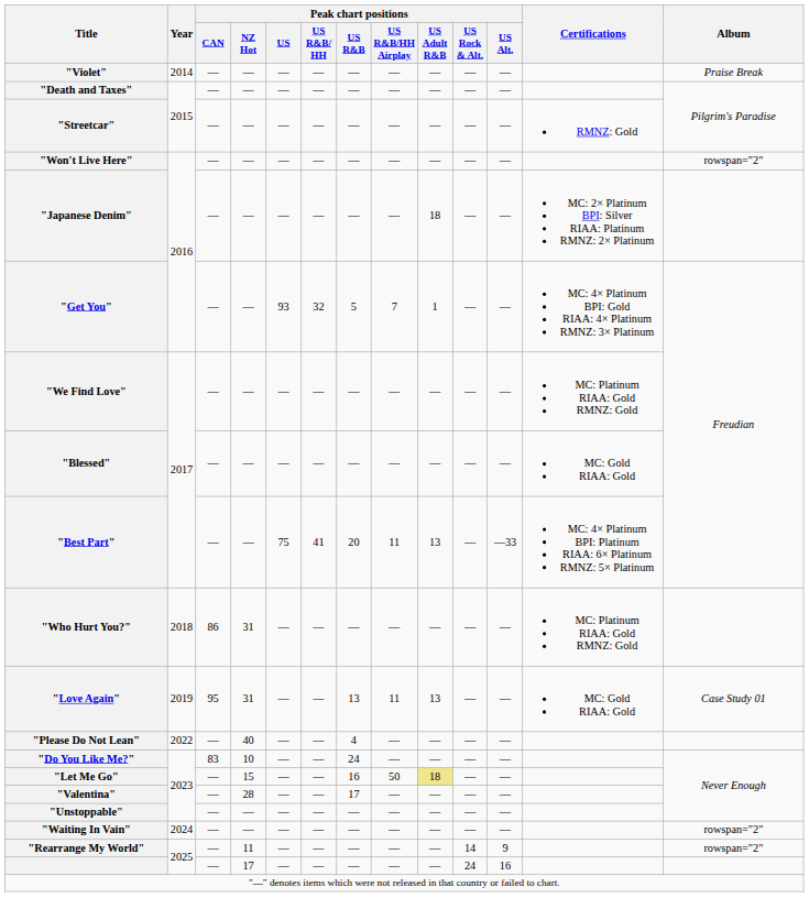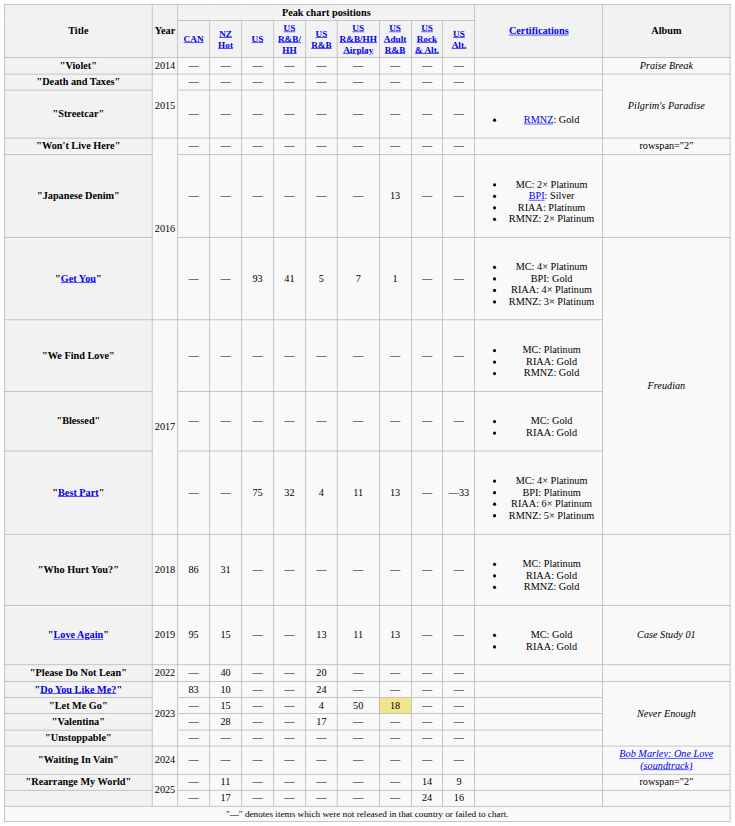 <table class="wikitable plainrowheaders" style="text-align:center;">
 <tr>
 <th scope="col" rowspan="2" style="width:14em;">Title</th>
 <th scope="col" rowspan="2" style="width:1em;">Year</th>
 <th scope="col" colspan="9">Peak chart positions</th>
 <th scope="col" rowspan="2" style="width:12em;"><a href='#'>Certifications</a></th>
 <th scope="col" rowspan="2" style="width:12em;">Album</th>
 </tr>
 <tr>
 <th scope="col" style="width:3em;font-size:90%;"><a href='#'>CAN</a><br></th>
 <th scope="col" style="width:3em;font-size:90%;"><a href='#'>NZ<br>Hot</a><br></th>
 <th scope="col" style="width:3em;font-size:90%;"><a href='#'>US</a><br></th>
 <th scope="col" style="width:3em;font-size:90%;"><a href='#'>US<br>R&B/<br>HH</a><br></th>
 <th scope="col" style="width:3em;font-size:90%;"><a href='#'>US<br>R&B</a><br></th>
 <th scope="col" style="width:3em;font-size:90%;"><a href='#'>US<br>R&B/HH<br>Airplay</a><br></th>
 <th scope="col" style="width:3em;font-size:90%;"><a href='#'>US<br>Adult<br>R&B</a><br></th>
 <th scope="col" style="width:3em;font-size:90%;"><a href='#'>US<br>Rock<br>& Alt.</a><br></th>
 <th scope="col" style="width:3em;font-size:90%;"><a href='#'>US<br>Alt.</a><br></th>
 </tr>
 <tr>
 <th scope="row">"Violet"</th>
 <td>2014</td>
 <td>—</td>
 <td>—</td>
 <td>—</td>
 <td>—</td>
 <td>—</td>
 <td>—</td>
 <td>—</td>
 <td>—</td>
 <td>—</td>
 <td></td>
 <td><em>Praise Break</em></td>
 </tr>
 <tr>
 <th scope="row">"Death and Taxes"</th>
 <td rowspan="2">2015</td>
 <td>—</td>
 <td>—</td>
 <td>—</td>
 <td>—</td>
 <td>—</td>
 <td>—</td>
 <td>—</td>
 <td>—</td>
 <td>—</td>
 <td></td>
 <td rowspan="2"><em>Pilgrim's Paradise</em></td>
 </tr>
 <tr>
 <th scope="row">"Streetcar"</th>
 <td>—</td>
 <td>—</td>
 <td>—</td>
 <td>—</td>
 <td>—</td>
 <td>—</td>
 <td>—</td>
 <td>—</td>
 <td>—</td>
 <td><br><ul><li><a href='#'>RMNZ</a>: Gold</li></ul></td>
 </tr>
 <tr>
 <th scope="row">"Won't Live Here"</th>
 <td rowspan="3">2016</td>
 <td>—</td>
 <td>—</td>
 <td>—</td>
 <td>—</td>
 <td>—</td>
 <td>—</td>
 <td>—</td>
 <td>—</td>
 <td>—</td>
 <td></td>
 <td>rowspan="2" </td>
 </tr>
 <tr>
 <th scope="row">"Japanese Denim"</th>
 <td>—</td>
 <td>—</td>
 <td>—</td>
 <td>—</td>
 <td>—</td>
 <td>—</td>
-<td>18</td>
+<td>13</td>
 <td>—</td>
 <td>—</td>
 <td><br><ul><li>MC: 2× Platinum</li><li><a href='#'>BPI</a>: Silver</li><li>RIAA: Platinum</li><li>RMNZ: 2× Platinum</li></ul></td>
 </tr>
 <tr>
 <th scope="row">"<a href='#'>Get You</a>"<br></th>
 <td>—</td>
 <td>—</td>
 <td>93</td>
-<td>32</td>
+<td>41</td>
 <td>5</td>
 <td>7</td>
 <td>1</td>
 <td>—</td>
 <td>—</td>
 <td><br><ul><li>MC: 4× Platinum</li><li>BPI: Gold</li><li>RIAA: 4× Platinum</li><li>RMNZ: 3× Platinum</li></ul></td>
 <td rowspan="4"><em>Freudian</em></td>
 </tr>
 <tr>
 <th scope="row">"We Find Love"</th>
 <td rowspan="3">2017</td>
 <td>—</td>
 <td>—</td>
 <td>—</td>
 <td>—</td>
 <td>—</td>
 <td>—</td>
 <td>—</td>
 <td>—</td>
 <td>—</td>
 <td><br><ul><li>MC: Platinum</li><li>RIAA: Gold</li><li>RMNZ: Gold</li></ul></td>
 </tr>
 <tr>
 <th scope="row">"Blessed"</th>
 <td>—</td>
 <td>—</td>
 <td>—</td>
 <td>—</td>
 <td>—</td>
 <td>—</td>
 <td>—</td>
 <td>—</td>
 <td>—</td>
 <td><br><ul><li>MC: Gold</li><li>RIAA: Gold</li></ul></td>
 </tr>
 <tr>
 <th scope="row">"<a href='#'>Best Part</a>"<br></th>
 <td>—</td>
 <td>—</td>
 <td>75</td>
-<td>41</td>
-<td>20</td>
+<td>32</td>
+<td>4</td>
 <td>11</td>
 <td>13</td>
 <td>—</td>
 <td>—33</td>
 <td><br><ul><li>MC: 4× Platinum</li><li>BPI: Platinum</li><li>RIAA: 6× Platinum</li><li>RMNZ: 5× Platinum</li></ul></td>
 </tr>
 <tr>
 <th scope="row">"Who Hurt You?"</th>
 <td>2018</td>
 <td>86</td>
 <td>31</td>
 <td>—</td>
 <td>—</td>
 <td>—</td>
 <td>—</td>
 <td>—</td>
 <td>—</td>
 <td>—</td>
 <td><br><ul><li>MC: Platinum</li><li>RIAA: Gold</li><li>RMNZ: Gold</li></ul></td>
 <td></td>
 </tr>
 <tr>
 <th scope="row">"<a href='#'>Love Again</a>"<br></th>
 <td>2019</td>
 <td>95</td>
-<td>31</td>
+<td>15</td>
 <td>—</td>
 <td>—</td>
 <td>13</td>
 <td>11</td>
 <td>13</td>
 <td>—</td>
 <td>—</td>
 <td><br><ul><li>MC: Gold</li><li>RIAA: Gold</li></ul></td>
 <td><em>Case Study 01</em></td>
 </tr>
 <tr>
 <th scope="row">"Please Do Not Lean"<br></th>
 <td>2022</td>
 <td>—</td>
 <td>40</td>
 <td>—</td>
 <td>—</td>
-<td>4</td>
+<td>20</td>
 <td>—</td>
 <td>—</td>
 <td>—</td>
 <td>—</td>
 <td></td>
 <td></td>
 </tr>
 <tr>
 <th scope="row">"<a href='#'>Do You Like Me?</a>"</th>
 <td rowspan="4">2023</td>
 <td>83</td>
 <td>10</td>
 <td>—</td>
 <td>—</td>
 <td>24</td>
 <td>—</td>
 <td>—</td>
 <td>—</td>
 <td>—</td>
 <td></td>
 <td rowspan="4"><em>Never Enough</em></td>
 </tr>
 <tr>
 <th scope="row">"Let Me Go"</th>
 <td>—</td>
 <td>15</td>
 <td>—</td>
 <td>—</td>
-<td>16</td>
+<td>4</td>
 <td>50</td>
 <td style="background: khaki;">18</td>
 <td>—</td>
 <td>—</td>
 <td></td>
 </tr>
 <tr>
 <th scope="row">"Valentina"</th>
 <td>—</td>
 <td>28</td>
 <td>—</td>
 <td>—</td>
 <td>17</td>
 <td>—</td>
 <td>—</td>
 <td>—</td>
 <td>—</td>
 <td></td>
 </tr>
 <tr>
 <th scope="row">"Unstoppable"</th>
 <td>—</td>
 <td>—</td>
 <td>—</td>
 <td>—</td>
 <td>—</td>
 <td>—</td>
 <td>—</td>
 <td>—</td>
 <td>—</td>
 <td></td>
 </tr>
 <tr>
 <th scope="row">"Waiting In Vain"</th>
 <td>2024</td>
 <td>—</td>
 <td>—</td>
 <td>—</td>
 <td>—</td>
 <td>—</td>
 <td>—</td>
 <td>—</td>
 <td>—</td>
 <td>—</td>
 <td></td>
-<td>rowspan="2" </td>
+<td><em><a href='#'>Bob Marley: One Love (soundtrack)</a></em></td>
 </tr>
 <tr>
 <th scope="row">"Rearrange My World"<br></th>
 <td rowspan="2">2025</td>
 <td>—</td>
 <td>11</td>
 <td>—</td>
 <td>—</td>
 <td>—</td>
 <td>—</td>
 <td>—</td>
 <td>14</td>
 <td>9</td>
 <td></td>
 <td>rowspan="2" </td>
 </tr>
 <tr>
 <th scope="row"><br></th>
 <td>—</td>
 <td>17</td>
 <td>—</td>
 <td>—</td>
 <td>—</td>
 <td>—</td>
 <td>—</td>
 <td>24</td>
 <td>16</td>
 <td></td>
 </tr>
 <tr>
 <td colspan="14" style="font-size:90%;">"—" denotes items which were not released in that country or failed to chart.</td>
 </tr>
 </table>
